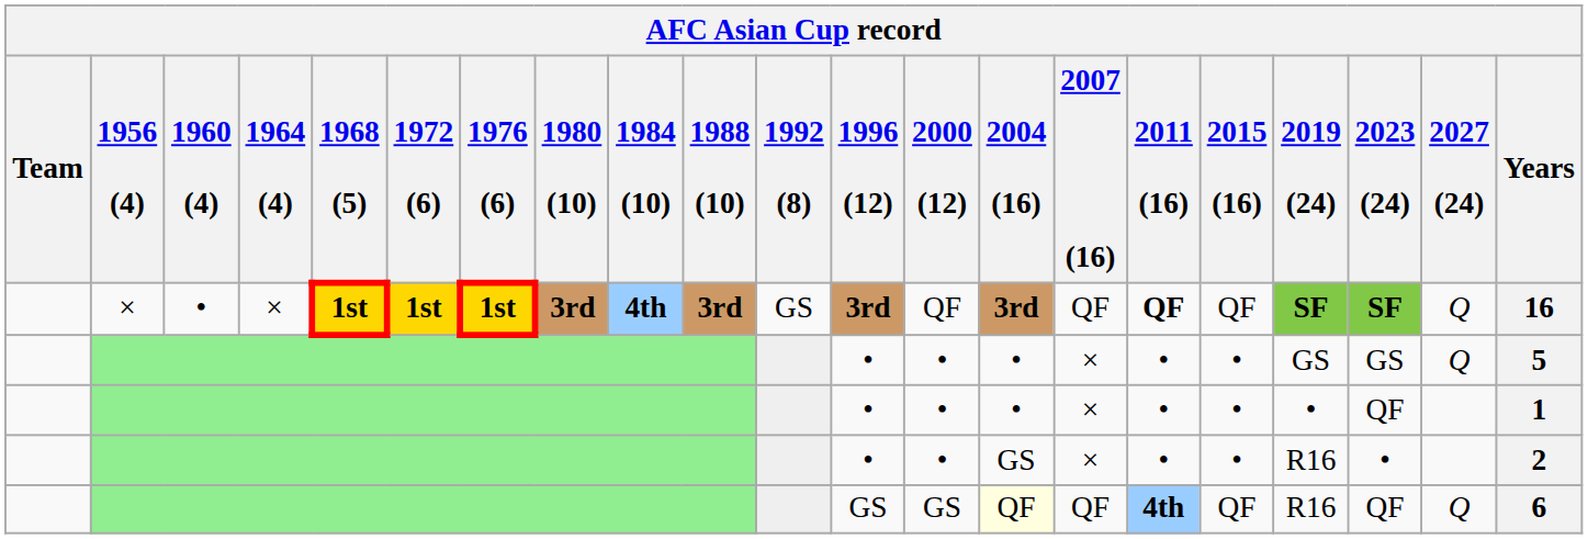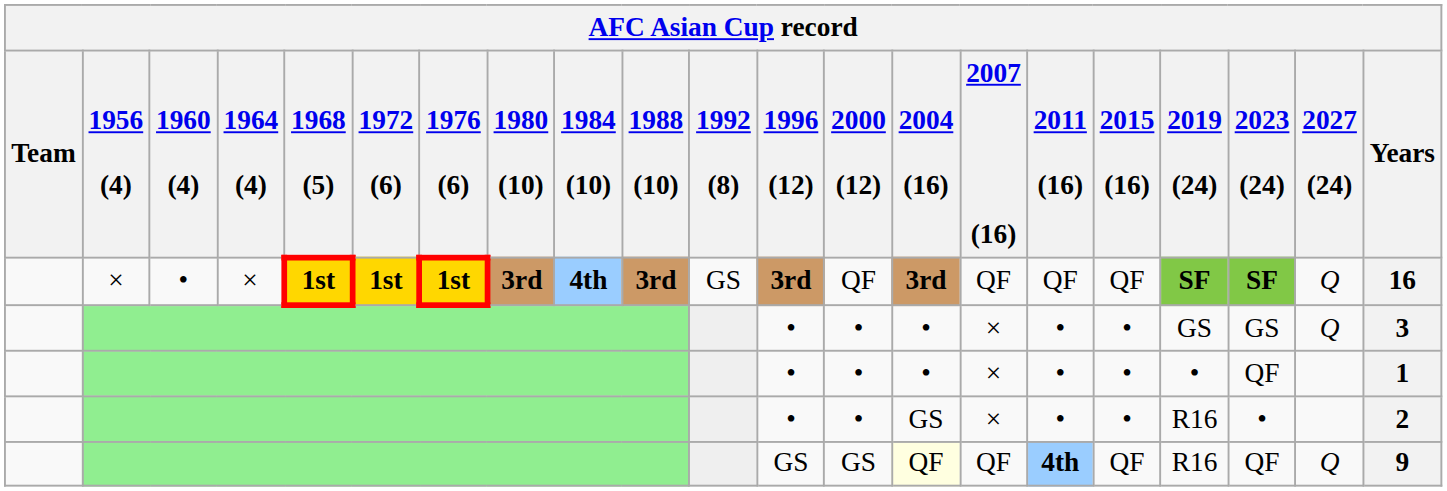 <table class="wikitable" style="text-align: center; font-size:90%;">
 <tr>
 <th colspan=22><a href='#'>AFC Asian Cup</a> record</th>
 </tr>
 <tr>
 <th>Team</th>
 <th><a href='#'>1956</a><br><br>(4)</th>
 <th><a href='#'>1960</a><br><br>(4)</th>
 <th><a href='#'>1964</a><br><br>(4)</th>
 <th><a href='#'>1968</a><br><br>(5)</th>
 <th><a href='#'>1972</a><br><br>(6)</th>
 <th><a href='#'>1976</a><br><br>(6)</th>
 <th><a href='#'>1980</a><br><br>(10)</th>
 <th><a href='#'>1984</a><br><br>(10)</th>
 <th><a href='#'>1988</a><br><br>(10)</th>
 <th><a href='#'>1992</a><br><br>(8)</th>
 <th><a href='#'>1996</a><br><br>(12)</th>
 <th><a href='#'>2000</a><br><br>(12)</th>
 <th><a href='#'>2004</a><br><br>(16)</th>
 <th><a href='#'>2007</a><br><br><br><br><br>(16)</th>
 <th><a href='#'>2011</a><br><br>(16)</th>
 <th><a href='#'>2015</a><br><br>(16)</th>
 <th><a href='#'>2019</a><br><br>(24)</th>
 <th><a href='#'>2023</a><br><br>(24)</th>
 <th><a href='#'>2027</a><br> <br> (24)</th>
 <th>Years</th>
 </tr>
 <tr>
 <td align=left></td>
 <td>×</td>
 <td>•</td>
 <td>×</td>
 <td style="border: 3px solid red" bgcolor="gold"><strong>1st</strong></td>
 <td bgcolor="gold"><strong>1st</strong></td>
 <td style="border: 3px solid red" bgcolor="gold"><strong>1st</strong></td>
 <td bgcolor=#cc9966><strong>3rd</strong></td>
 <td bgcolor=#9acdff><strong>4th</strong></td>
 <td bgcolor=#cc9966><strong>3rd</strong></td>
 <td>GS</td>
 <td bgcolor=#cc9966><strong>3rd</strong></td>
 <td>QF</td>
 <td bgcolor=#cc9966><strong>3rd</strong></td>
 <td>QF</td>
-<td><strong>QF</strong></td>
+<td>QF</td>
 <td>QF</td>
 <td bgcolor=#81c846><strong>SF</strong></td>
 <td bgcolor=#81c846><strong>SF</strong></td>
 <td><em>Q</em></td>
 <th>16</th>
 </tr>
 <tr>
 <td align=left></td>
 <td bgcolor=lightgreen colspan=9><em></em></td>
 <td bgcolor=#efefef></td>
 <td>•</td>
 <td>•</td>
 <td>•</td>
 <td>×</td>
 <td>•</td>
 <td>•</td>
 <td>GS</td>
 <td>GS</td>
 <td><em>Q</em></td>
-<th>5</th>
+<th>3</th>
 </tr>
 <tr>
 <td align=left></td>
 <td bgcolor=lightgreen colspan=9><em></em></td>
 <td bgcolor=#efefef></td>
 <td>•</td>
 <td>•</td>
 <td>•</td>
 <td>×</td>
 <td>•</td>
 <td>•</td>
 <td>•</td>
 <td>QF</td>
 <td></td>
 <th>1</th>
 </tr>
 <tr>
 <td align=left></td>
 <td bgcolor=lightgreen colspan=9><em></em></td>
 <td bgcolor=#efefef></td>
 <td>•</td>
 <td>•</td>
 <td>GS</td>
 <td>×</td>
 <td>•</td>
 <td>•</td>
 <td>R16</td>
 <td>•</td>
 <td></td>
 <th>2</th>
 </tr>
 <tr>
 <td align=left></td>
 <td bgcolor=lightgreen colspan=9><em></em></td>
 <td bgcolor=#efefef></td>
 <td>GS</td>
 <td>GS</td>
 <td style="background: lightyellow;">QF</td>
 <td>QF</td>
 <td bgcolor=#9acdff><strong>4th</strong></td>
 <td>QF</td>
 <td>R16</td>
 <td>QF</td>
 <td><em>Q</em></td>
-<th>6</th>
+<th>9</th>
 </tr>
 </table>
